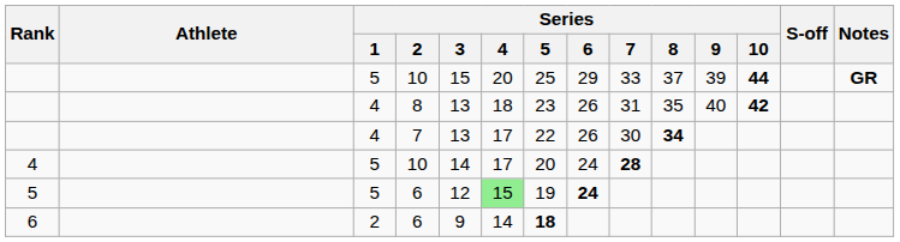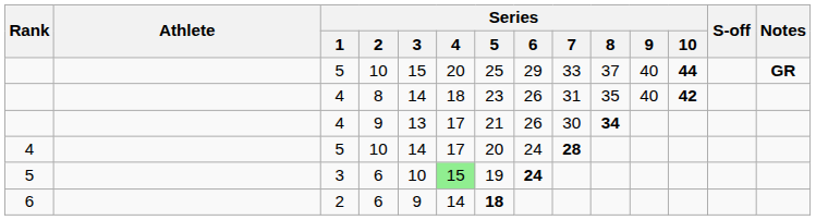 <table class="wikitable" style="text-align:center">
 <tr>
 <th rowspan=2 width=40>Rank</th>
 <th rowspan=2 width=250>Athlete</th>
 <th colspan=10>Series</th>
 <th rowspan=2 width=40>S-off</th>
 <th rowspan=2 width=45>Notes</th>
 </tr>
 <tr>
 <th width=30>1</th>
 <th width=30>2</th>
 <th width=30>3</th>
 <th width=30>4</th>
 <th width=30>5</th>
 <th width=30>6</th>
 <th width=30>7</th>
 <th width=30>8</th>
 <th width=30>9</th>
 <th width=30>10</th>
 </tr>
 <tr>
 <td></td>
 <td align=left></td>
 <td>5</td>
 <td>10</td>
 <td>15</td>
 <td>20</td>
 <td>25</td>
 <td>29</td>
 <td>33</td>
 <td>37</td>
-<td>39</td>
+<td>40</td>
 <td><strong>44</strong></td>
 <td></td>
 <td><strong>GR</strong></td>
 </tr>
 <tr>
 <td></td>
 <td align=left></td>
 <td>4</td>
 <td>8</td>
-<td>13</td>
+<td>14</td>
 <td>18</td>
 <td>23</td>
 <td>26</td>
 <td>31</td>
 <td>35</td>
 <td>40</td>
 <td><strong>42</strong></td>
 <td></td>
 <td></td>
 </tr>
 <tr>
 <td></td>
 <td align=left></td>
 <td>4</td>
-<td>7</td>
+<td>9</td>
 <td>13</td>
 <td>17</td>
-<td>22</td>
+<td>21</td>
 <td>26</td>
 <td>30</td>
 <td><strong>34</strong></td>
 <td></td>
 <td></td>
 <td></td>
 <td></td>
 </tr>
 <tr>
 <td>4</td>
 <td align=left></td>
 <td>5</td>
 <td>10</td>
 <td>14</td>
 <td>17</td>
 <td>20</td>
 <td>24</td>
 <td><strong>28</strong></td>
 <td></td>
 <td></td>
 <td></td>
 <td></td>
 <td></td>
 </tr>
 <tr>
 <td>5</td>
 <td align=left></td>
-<td>5</td>
+<td>3</td>
 <td>6</td>
-<td>12</td>
+<td>10</td>
 <td style="background: lightgreen;">15</td>
 <td>19</td>
 <td><strong>24</strong></td>
 <td></td>
 <td></td>
 <td></td>
 <td></td>
 <td></td>
 <td></td>
 </tr>
 <tr>
 <td>6</td>
 <td align=left></td>
 <td>2</td>
 <td>6</td>
 <td>9</td>
 <td>14</td>
 <td><strong>18</strong></td>
 <td></td>
 <td></td>
 <td></td>
 <td></td>
 <td></td>
 <td></td>
 <td></td>
 </tr>
 </table>
